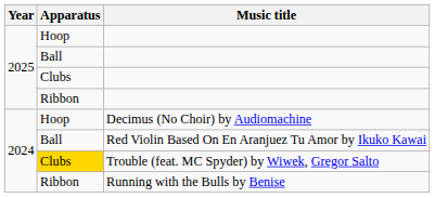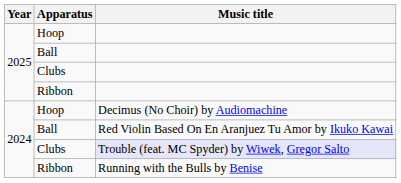 <table class="wikitable">
 <tr>
 <th>Year</th>
 <th>Apparatus</th>
 <th>Music title</th>
 </tr>
 <tr>
 <td rowspan="4">2025</td>
 <td>Hoop</td>
 <td></td>
 </tr>
 <tr>
 <td>Ball</td>
 <td></td>
 </tr>
 <tr>
 <td>Clubs</td>
 <td></td>
 </tr>
 <tr>
 <td>Ribbon</td>
 <td></td>
 </tr>
 <tr>
 <td rowspan="4">2024</td>
 <td>Hoop</td>
 <td>Decimus (No Choir) by <a href='#'>Audiomachine</a></td>
 </tr>
 <tr>
 <td>Ball</td>
 <td>Red Violin Based On En Aranjuez Tu Amor by <a href='#'>Ikuko Kawai</a></td>
 </tr>
 <tr>
-<td style="background: gold;">Clubs</td>
-<td>Trouble (feat. MC Spyder) by <a href='#'>Wiwek</a>, <a href='#'>Gregor Salto</a></td>
+<td>Clubs</td>
+<td style="background: lavender;">Trouble (feat. MC Spyder) by <a href='#'>Wiwek</a>, <a href='#'>Gregor Salto</a></td>
 </tr>
 <tr>
 <td>Ribbon</td>
 <td>Running with the Bulls by <a href='#'>Benise</a></td>
 </tr>
 </table>
